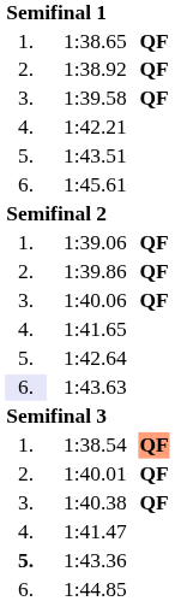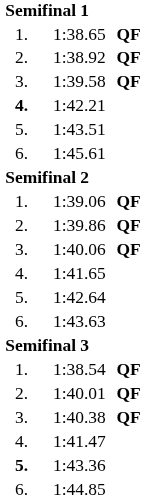 <table style="text-align:center">
 <tr>
 <td colspan=4 align=left><strong>Semifinal 1</strong></td>
 </tr>
 <tr>
 <td width=30>1.</td>
 <td align=left></td>
 <td width=60>1:38.65</td>
 <td><strong>QF</strong></td>
 </tr>
 <tr>
 <td>2.</td>
 <td align=left></td>
 <td>1:38.92</td>
 <td><strong>QF</strong></td>
 </tr>
 <tr>
 <td>3.</td>
 <td align=left></td>
 <td>1:39.58</td>
 <td><strong>QF</strong></td>
 </tr>
 <tr>
-<td>4.</td>
+<td><strong>4.</strong></td>
 <td align=left></td>
 <td>1:42.21</td>
 <td></td>
 </tr>
 <tr>
 <td>5.</td>
 <td align=left></td>
 <td>1:43.51</td>
 <td></td>
 </tr>
 <tr>
 <td>6.</td>
 <td align=left></td>
 <td>1:45.61</td>
 <td></td>
 </tr>
 <tr>
 <td colspan=4 align=left><strong>Semifinal 2</strong></td>
 </tr>
 <tr>
 <td width=30>1.</td>
 <td align=left></td>
 <td width=60>1:39.06</td>
 <td><strong>QF</strong></td>
 </tr>
 <tr>
 <td>2.</td>
 <td align=left></td>
 <td>1:39.86</td>
 <td><strong>QF</strong></td>
 </tr>
 <tr>
 <td>3.</td>
 <td align=left></td>
 <td>1:40.06</td>
 <td><strong>QF</strong></td>
 </tr>
 <tr>
 <td>4.</td>
 <td align=left></td>
 <td>1:41.65</td>
 <td></td>
 </tr>
 <tr>
 <td>5.</td>
 <td align=left></td>
 <td>1:42.64</td>
 <td></td>
 </tr>
 <tr>
-<td style="background: lavender;">6.</td>
+<td>6.</td>
 <td align=left></td>
 <td>1:43.63</td>
 <td></td>
 </tr>
 <tr>
 <td colspan=4 align=left><strong>Semifinal 3</strong></td>
 </tr>
 <tr>
 <td width=30>1.</td>
 <td align=left></td>
 <td width=60>1:38.54</td>
-<td style="background: lightsalmon;"><strong>QF</strong></td>
+<td><strong>QF</strong></td>
 </tr>
 <tr>
 <td>2.</td>
 <td align=left></td>
 <td>1:40.01</td>
 <td><strong>QF</strong></td>
 </tr>
 <tr>
 <td>3.</td>
 <td align=left></td>
 <td>1:40.38</td>
 <td><strong>QF</strong></td>
 </tr>
 <tr>
 <td>4.</td>
 <td align=left></td>
 <td>1:41.47</td>
 <td></td>
 </tr>
 <tr>
 <td><strong>5.</strong></td>
 <td align=left></td>
 <td>1:43.36</td>
 <td></td>
 </tr>
 <tr>
 <td>6.</td>
 <td align=left></td>
 <td>1:44.85</td>
 <td></td>
 </tr>
 </table>
